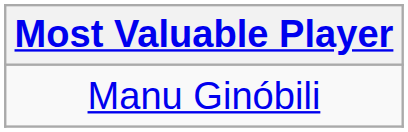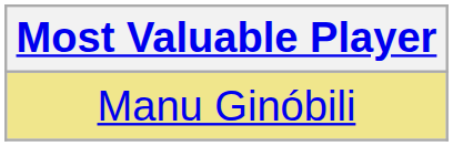 <table class=wikitable style="text-align:center; margin:auto">
 <tr>
 <th><a href='#'>Most Valuable Player</a></th>
 </tr>
 <tr>
-<td> <a href='#'>Manu Ginóbili</a></td>
+<td style="background: khaki;"> <a href='#'>Manu Ginóbili</a></td>
 </tr>
 </table>
